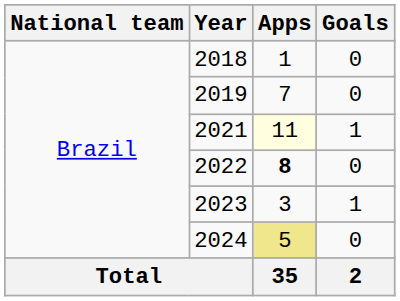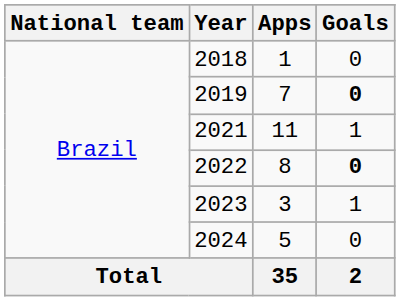 <table class="wikitable" style="text-align: center;">
 <tr>
 <th>National team</th>
 <th>Year</th>
 <th>Apps</th>
 <th>Goals</th>
 </tr>
 <tr>
 <td rowspan="6"><a href='#'>Brazil</a></td>
 <td>2018</td>
 <td>1</td>
 <td>0</td>
 </tr>
 <tr>
 <td>2019</td>
 <td>7</td>
-<td>0</td>
+<td><strong>0</strong></td>
 </tr>
 <tr>
 <td>2021</td>
-<td style="background: lightyellow;">11</td>
+<td>11</td>
 <td>1</td>
 </tr>
 <tr>
 <td>2022</td>
-<td><strong>8</strong></td>
-<td>0</td>
+<td>8</td>
+<td><strong>0</strong></td>
 </tr>
 <tr>
 <td>2023</td>
 <td>3</td>
 <td>1</td>
 </tr>
 <tr>
 <td>2024</td>
-<td style="background: khaki;">5</td>
+<td>5</td>
 <td>0</td>
 </tr>
 <tr>
 <th colspan="2">Total</th>
 <th>35</th>
 <th>2</th>
 </tr>
 </table>
